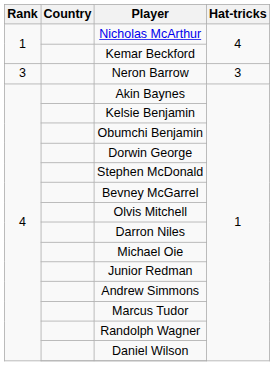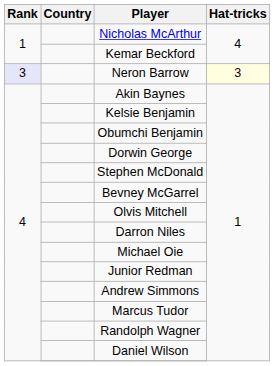 <table class="wikitable" style="text-align:center";>
 <tr>
 <th>Rank</th>
 <th>Country</th>
 <th>Player</th>
 <th>Hat-tricks</th>
 </tr>
 <tr>
 <td rowspan=2>1</td>
 <td></td>
 <td><a href='#'>Nicholas McArthur</a></td>
 <td rowspan=2>4</td>
 </tr>
 <tr>
 <td></td>
 <td>Kemar Beckford</td>
 </tr>
 <tr>
-<td>3</td>
+<td style="background: lavender;">3</td>
 <td></td>
 <td>Neron Barrow</td>
-<td>3</td>
+<td style="background: lightyellow;">3</td>
 </tr>
 <tr>
 <td rowspan=20>4</td>
 <td></td>
 <td>Akin Baynes</td>
 <td rowspan=20>1</td>
 </tr>
 <tr>
 <td></td>
 <td>Kelsie Benjamin</td>
 </tr>
 <tr>
 <td></td>
 <td>Obumchi Benjamin</td>
 </tr>
 <tr>
 <td></td>
 <td>Dorwin George</td>
 </tr>
 <tr>
 <td></td>
 <td>Stephen McDonald</td>
 </tr>
 <tr>
 <td></td>
 <td>Bevney McGarrel</td>
 </tr>
 <tr>
 <td></td>
 <td>Olvis Mitchell</td>
 </tr>
 <tr>
 <td></td>
 <td>Darron Niles</td>
 </tr>
 <tr>
 <td></td>
 <td>Michael Oie</td>
 </tr>
 <tr>
 <td></td>
 <td>Junior Redman</td>
 </tr>
 <tr>
 <td></td>
 <td>Andrew Simmons</td>
 </tr>
 <tr>
 <td></td>
 <td>Marcus Tudor</td>
 </tr>
 <tr>
 <td></td>
 <td>Randolph Wagner</td>
 </tr>
 <tr>
 <td></td>
 <td>Daniel Wilson</td>
 </tr>
 <tr>
 </tr>
 </table>
